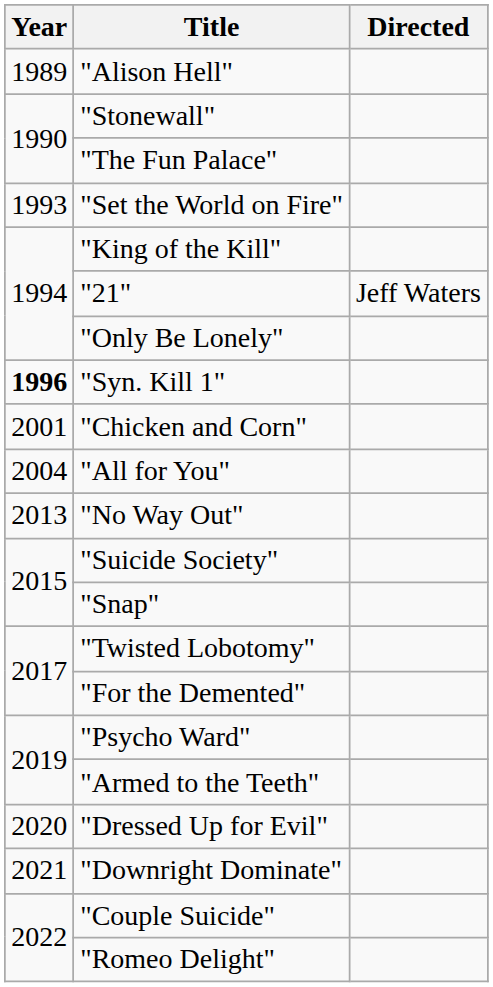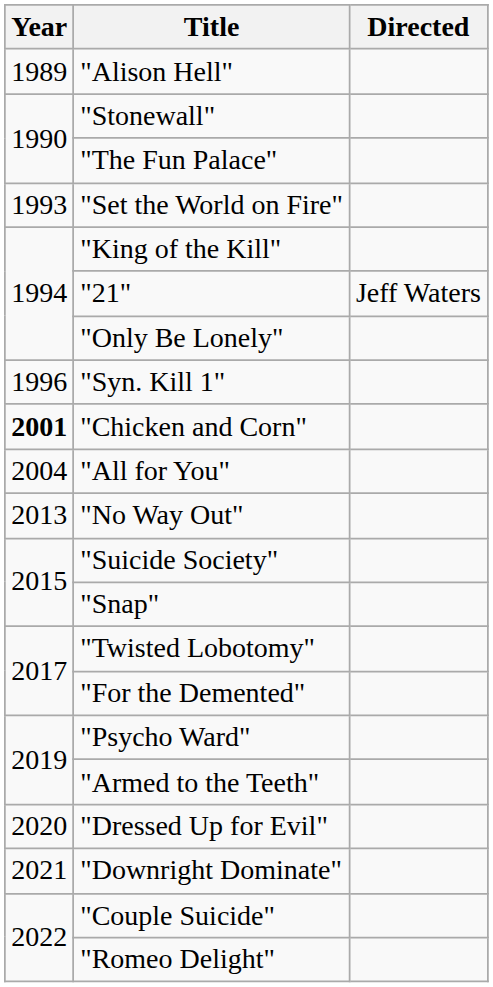 <table class="wikitable">
 <tr>
 <th>Year</th>
 <th>Title</th>
 <th>Directed</th>
 </tr>
 <tr>
 <td>1989</td>
 <td>"Alison Hell"</td>
 <td></td>
 </tr>
 <tr>
 <td rowspan="2">1990</td>
 <td>"Stonewall"</td>
 <td></td>
 </tr>
 <tr>
 <td>"The Fun Palace"</td>
 <td></td>
 </tr>
 <tr>
 <td>1993</td>
 <td>"Set the World on Fire"</td>
 <td></td>
 </tr>
 <tr>
 <td rowspan="3">1994</td>
 <td>"King of the Kill"</td>
 <td></td>
 </tr>
 <tr>
 <td>"21"</td>
 <td>Jeff Waters</td>
 </tr>
 <tr>
 <td>"Only Be Lonely"</td>
 <td></td>
 </tr>
 <tr>
-<td><strong>1996</strong></td>
+<td>1996</td>
 <td>"Syn. Kill 1"</td>
 <td></td>
 </tr>
 <tr>
-<td>2001</td>
+<td><strong>2001</strong></td>
 <td>"Chicken and Corn"</td>
 <td></td>
 </tr>
 <tr>
 <td>2004</td>
 <td>"All for You"</td>
 <td></td>
 </tr>
 <tr>
 <td>2013</td>
 <td>"No Way Out"</td>
 <td></td>
 </tr>
 <tr>
 <td rowspan="2">2015</td>
 <td>"Suicide Society"</td>
 <td></td>
 </tr>
 <tr>
 <td>"Snap"</td>
 <td></td>
 </tr>
 <tr>
 <td rowspan="2">2017</td>
 <td>"Twisted Lobotomy"</td>
 <td></td>
 </tr>
 <tr>
 <td>"For the Demented"</td>
 <td></td>
 </tr>
 <tr>
 <td rowspan="2">2019</td>
 <td>"Psycho Ward"</td>
 <td></td>
 </tr>
 <tr>
 <td>"Armed to the Teeth"</td>
 <td></td>
 </tr>
 <tr>
 <td>2020</td>
 <td>"Dressed Up for Evil"</td>
 <td></td>
 </tr>
 <tr>
 <td>2021</td>
 <td>"Downright Dominate" <br> </td>
 <td></td>
 </tr>
 <tr>
 <td rowspan="2">2022</td>
 <td>"Couple Suicide" <br> </td>
 <td></td>
 </tr>
 <tr>
 <td>"Romeo Delight" <br> </td>
 <td></td>
 </tr>
 </table>
